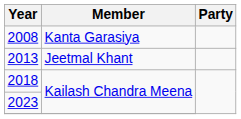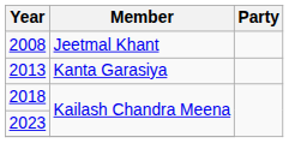 <table class="wikitable sortable">
 <tr>
 <th>Year</th>
 <th>Member</th>
 <th colspan=2>Party</th>
 </tr>
 <tr>
 <td><a href='#'>2008</a></td>
-<td><a href='#'>Kanta Garasiya</a></td>
+<td><a href='#'>Jeetmal Khant</a></td>
 <td></td>
 </tr>
 <tr>
 <td><a href='#'>2013</a></td>
-<td><a href='#'>Jeetmal Khant</a></td>
+<td><a href='#'>Kanta Garasiya</a></td>
 <td></td>
 </tr>
 <tr>
 <td><a href='#'>2018</a></td>
 <td rowspan=2><a href='#'>Kailash Chandra Meena</a></td>
 </tr>
 <tr>
 <td><a href='#'>2023</a></td>
 </tr>
 <tr>
 </tr>
 </table>
